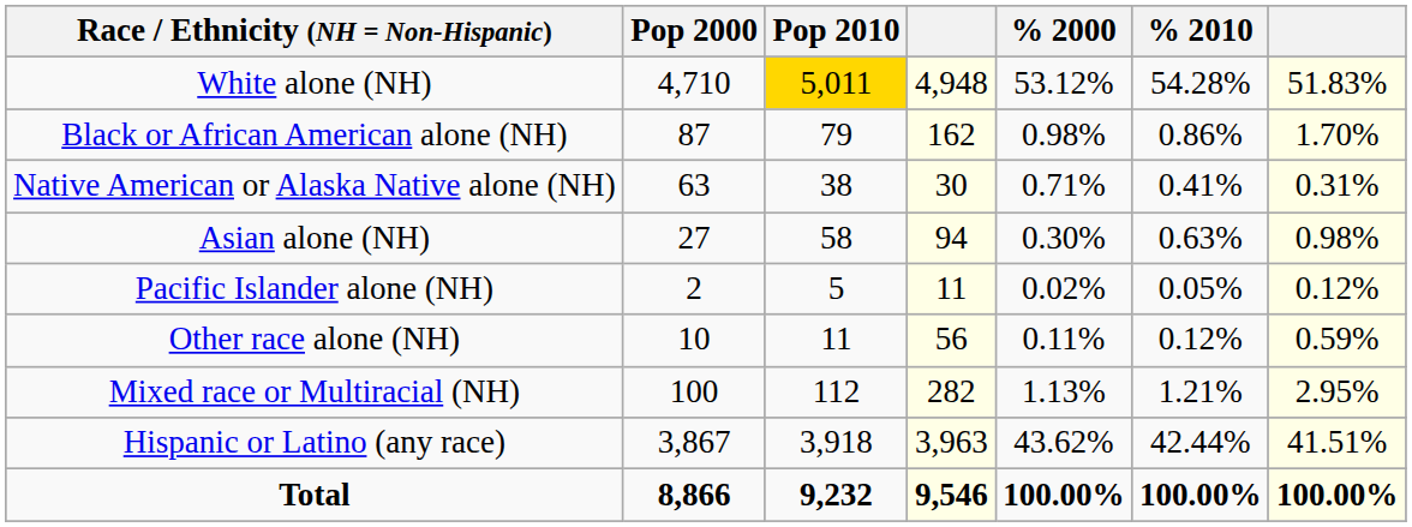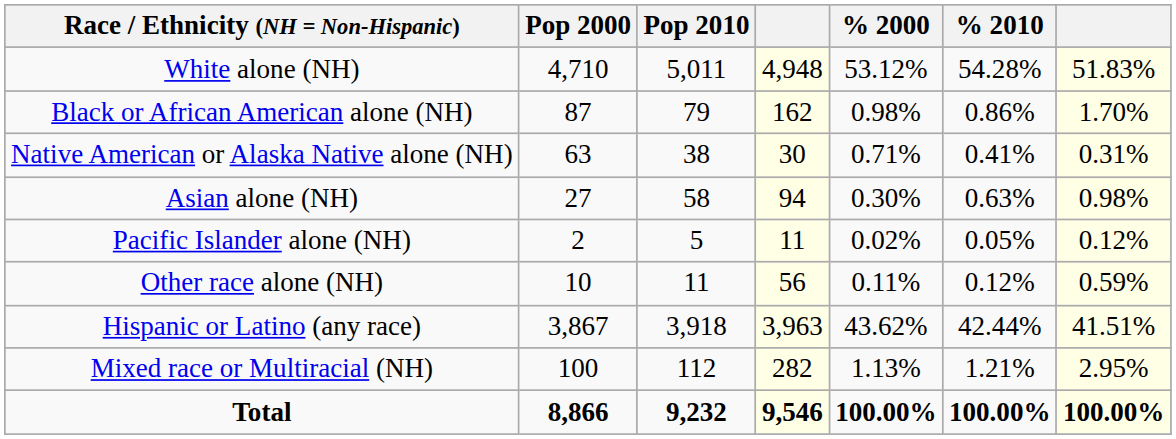 <table class="wikitable" style="text-align:center;">
 <tr>
 <th>Race / Ethnicity <small>(<em>NH = Non-Hispanic</em>)</small></th>
 <th>Pop 2000</th>
 <th>Pop 2010</th>
 <th></th>
 <th>% 2000</th>
 <th>% 2010</th>
 <th></th>
 </tr>
 <tr>
 <td><a href='#'>White</a> alone (NH)</td>
 <td>4,710</td>
-<td style="background: gold;">5,011</td>
+<td>5,011</td>
 <td style='background: #ffffe6;'>4,948</td>
 <td>53.12%</td>
 <td>54.28%</td>
 <td style='background: #ffffe6;'>51.83%</td>
 </tr>
 <tr>
 <td><a href='#'>Black or African American</a> alone (NH)</td>
 <td>87</td>
 <td>79</td>
 <td style='background: #ffffe6;'>162</td>
 <td>0.98%</td>
 <td>0.86%</td>
 <td style='background: #ffffe6;'>1.70%</td>
 </tr>
 <tr>
 <td><a href='#'>Native American</a> or <a href='#'>Alaska Native</a> alone (NH)</td>
 <td>63</td>
 <td>38</td>
 <td style='background: #ffffe6;'>30</td>
 <td>0.71%</td>
 <td>0.41%</td>
 <td style='background: #ffffe6;'>0.31%</td>
 </tr>
 <tr>
 <td><a href='#'>Asian</a> alone (NH)</td>
 <td>27</td>
 <td>58</td>
 <td style='background: #ffffe6;'>94</td>
 <td>0.30%</td>
 <td>0.63%</td>
 <td style='background: #ffffe6;'>0.98%</td>
 </tr>
 <tr>
 <td><a href='#'>Pacific Islander</a> alone (NH)</td>
 <td>2</td>
 <td>5</td>
 <td style='background: #ffffe6;'>11</td>
 <td>0.02%</td>
 <td>0.05%</td>
 <td style='background: #ffffe6;'>0.12%</td>
 </tr>
 <tr>
 <td><a href='#'>Other race</a> alone (NH)</td>
 <td>10</td>
 <td>11</td>
 <td style='background: #ffffe6;'>56</td>
 <td>0.11%</td>
 <td>0.12%</td>
 <td style='background: #ffffe6;'>0.59%</td>
 </tr>
 <tr>
+<td><a href='#'>Hispanic or Latino</a> (any race)</td>
+<td>3,867</td>
+<td>3,918</td>
+<td style='background: #ffffe6;'>3,963</td>
+<td>43.62%</td>
+<td>42.44%</td>
+<td style='background: #ffffe6;'>41.51%</td>
+</tr>
+<tr>
 <td><a href='#'>Mixed race or Multiracial</a> (NH)</td>
 <td>100</td>
 <td>112</td>
 <td style='background: #ffffe6;'>282</td>
 <td>1.13%</td>
 <td>1.21%</td>
 <td style='background: #ffffe6;'>2.95%</td>
-</tr>
-<tr>
-<td><a href='#'>Hispanic or Latino</a> (any race)</td>
-<td>3,867</td>
-<td>3,918</td>
-<td style='background: #ffffe6;'>3,963</td>
-<td>43.62%</td>
-<td>42.44%</td>
-<td style='background: #ffffe6;'>41.51%</td>
 </tr>
 <tr>
 <td><strong>Total</strong></td>
 <td><strong>8,866</strong></td>
 <td><strong>9,232</strong></td>
 <td style='background: #ffffe6;'><strong>9,546</strong></td>
 <td><strong>100.00%</strong></td>
 <td><strong>100.00%</strong></td>
 <td style='background: #ffffe6;'><strong>100.00%</strong></td>
 </tr>
 </table>
